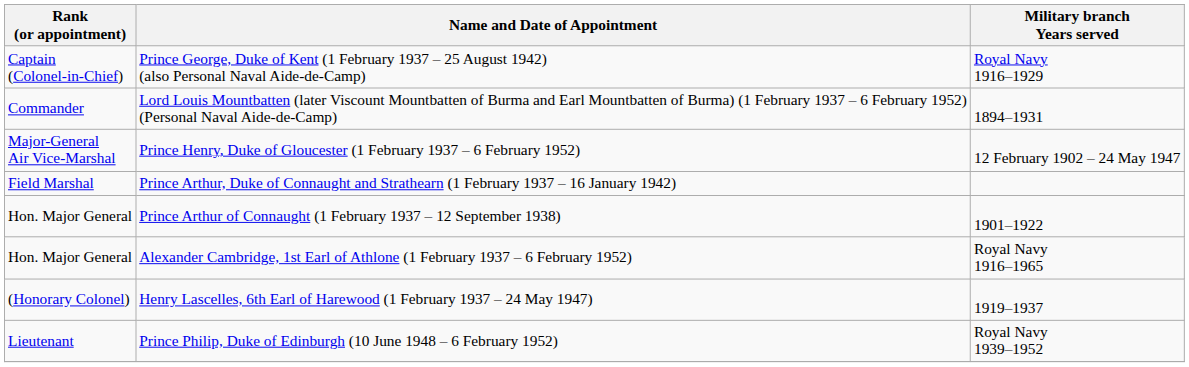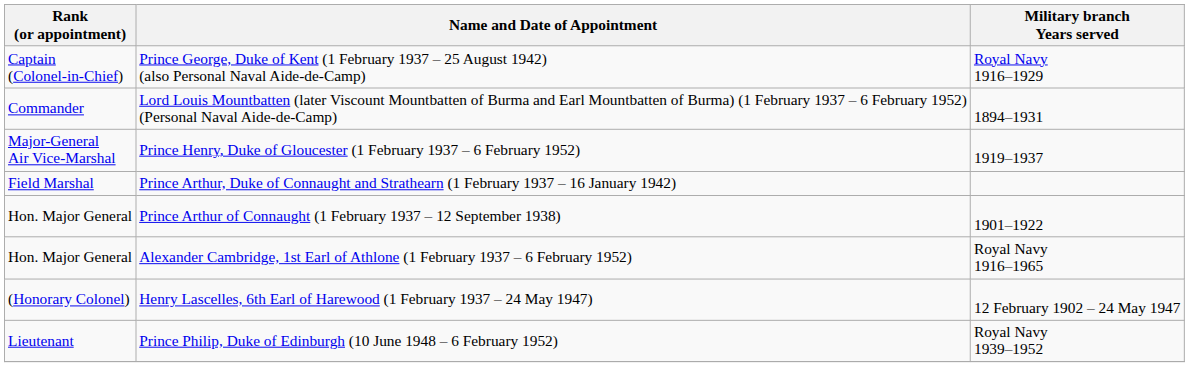 <table class="wikitable">
 <tr>
 <th>Rank<br>(or appointment)</th>
 <th>Name and Date of Appointment</th>
 <th>Military branch<br>Years served</th>
 </tr>
 <tr>
 <td><a href='#'>Captain</a><br>(<a href='#'>Colonel-in-Chief</a>)</td>
 <td><a href='#'>Prince George, Duke of Kent</a> (1 February 1937 – 25 August 1942)<br>(also Personal Naval Aide-de-Camp)</td>
 <td> <a href='#'>Royal Navy</a><br>1916–1929</td>
 </tr>
 <tr>
 <td><a href='#'>Commander</a></td>
 <td><a href='#'>Lord Louis Mountbatten</a> (later Viscount Mountbatten of Burma and Earl Mountbatten of Burma) (1 February 1937 – 6 February 1952)<br>(Personal Naval Aide-de-Camp)</td>
 <td><br>1894–1931</td>
 </tr>
 <tr>
 <td><a href='#'>Major-General</a><br><a href='#'>Air Vice-Marshal</a></td>
 <td><a href='#'>Prince Henry, Duke of Gloucester</a> (1 February 1937 – 6 February 1952)</td>
-<td><br>12 February 1902 – 24 May 1947</td>
+<td><br>1919–1937</td>
 </tr>
 <tr>
 <td><a href='#'>Field Marshal</a></td>
 <td><a href='#'>Prince Arthur, Duke of Connaught and Strathearn</a> (1 February 1937 – 16 January 1942)</td>
 <td></td>
 </tr>
 <tr>
 <td>Hon. Major General</td>
 <td><a href='#'>Prince Arthur of Connaught</a> (1 February 1937 – 12 September 1938)</td>
 <td><br>1901–1922</td>
 </tr>
 <tr>
 <td>Hon. Major General</td>
 <td><a href='#'>Alexander Cambridge, 1st Earl of Athlone</a> (1 February 1937 – 6 February 1952)</td>
 <td> Royal Navy<br>1916–1965</td>
 </tr>
 <tr>
 <td>(<a href='#'>Honorary Colonel</a>)</td>
 <td><a href='#'>Henry Lascelles, 6th Earl of Harewood</a> (1 February 1937 – 24 May 1947)</td>
-<td><br>1919–1937</td>
+<td><br>12 February 1902 – 24 May 1947</td>
 </tr>
 <tr>
 <td><a href='#'>Lieutenant</a></td>
 <td><a href='#'>Prince Philip, Duke of Edinburgh</a> (10 June 1948 – 6 February 1952)</td>
 <td> Royal Navy<br>1939–1952</td>
 </tr>
 <tr>
 </tr>
 </table>
